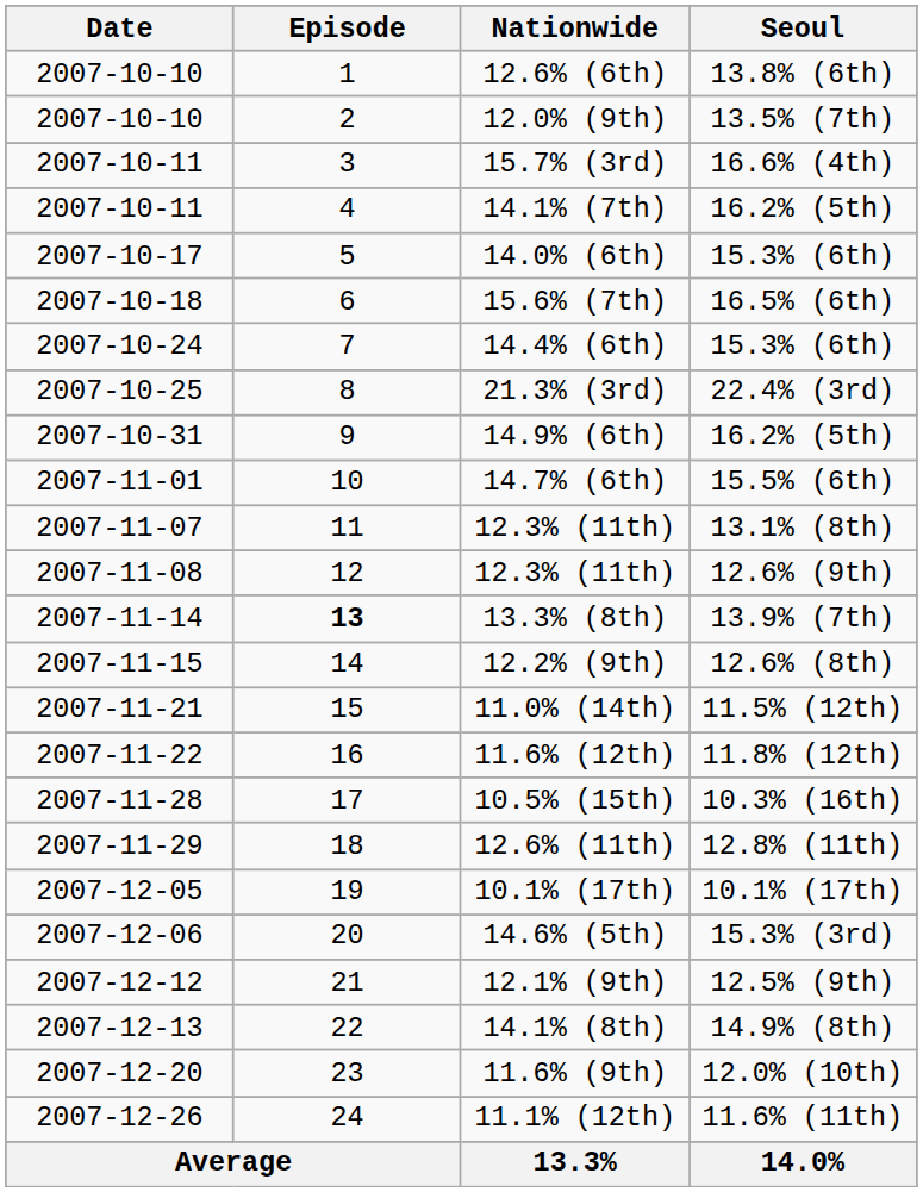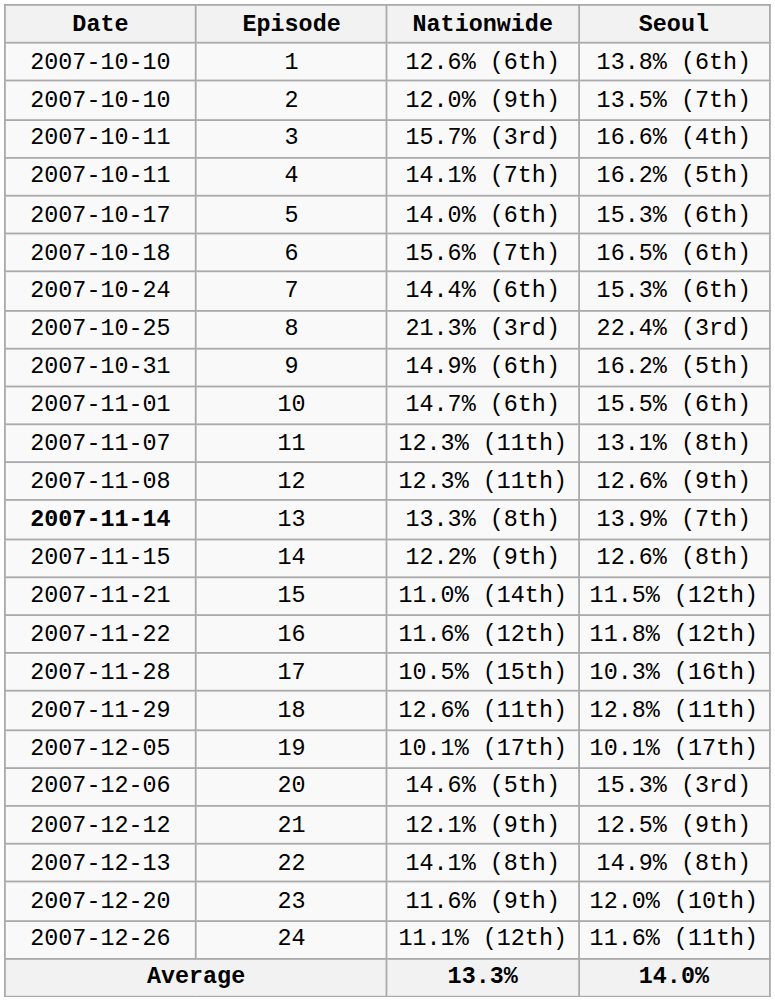 <table class="wikitable">
 <tr>
 <th width=100>Date</th>
 <th width=100>Episode</th>
 <th width=100>Nationwide</th>
 <th width=100>Seoul</th>
 </tr>
 <tr align=center>
 <td>2007-10-10</td>
 <td>1</td>
 <td>12.6% (6th)</td>
 <td>13.8% (6th)</td>
 </tr>
 <tr align=center>
 <td>2007-10-10</td>
 <td>2</td>
 <td>12.0% (9th)</td>
 <td>13.5% (7th)</td>
 </tr>
 <tr align=center>
 <td>2007-10-11</td>
 <td>3</td>
 <td>15.7% (3rd)</td>
 <td>16.6% (4th)</td>
 </tr>
 <tr align=center>
 <td>2007-10-11</td>
 <td>4</td>
 <td>14.1% (7th)</td>
 <td>16.2% (5th)</td>
 </tr>
 <tr align=center>
 <td>2007-10-17</td>
 <td>5</td>
 <td>14.0% (6th)</td>
 <td>15.3% (6th)</td>
 </tr>
 <tr align=center>
 <td>2007-10-18</td>
 <td>6</td>
 <td>15.6% (7th)</td>
 <td>16.5% (6th)</td>
 </tr>
 <tr align=center>
 <td>2007-10-24</td>
 <td>7</td>
 <td>14.4% (6th)</td>
 <td>15.3% (6th)</td>
 </tr>
 <tr align=center>
 <td>2007-10-25</td>
 <td>8</td>
 <td>21.3% (3rd)</td>
 <td>22.4% (3rd)</td>
 </tr>
 <tr align=center>
 <td>2007-10-31</td>
 <td>9</td>
 <td>14.9% (6th)</td>
 <td>16.2% (5th)</td>
 </tr>
 <tr align=center>
 <td>2007-11-01</td>
 <td>10</td>
 <td>14.7% (6th)</td>
 <td>15.5% (6th)</td>
 </tr>
 <tr align=center>
 <td>2007-11-07</td>
 <td>11</td>
 <td>12.3% (11th)</td>
 <td>13.1% (8th)</td>
 </tr>
 <tr align=center>
 <td>2007-11-08</td>
 <td>12</td>
 <td>12.3% (11th)</td>
 <td>12.6% (9th)</td>
 </tr>
 <tr align=center>
-<td>2007-11-14</td>
-<td><strong>13</strong></td>
+<td><strong>2007-11-14</strong></td>
+<td>13</td>
 <td>13.3% (8th)</td>
 <td>13.9% (7th)</td>
 </tr>
 <tr align=center>
 <td>2007-11-15</td>
 <td>14</td>
 <td>12.2% (9th)</td>
 <td>12.6% (8th)</td>
 </tr>
 <tr align=center>
 <td>2007-11-21</td>
 <td>15</td>
 <td>11.0% (14th)</td>
 <td>11.5% (12th)</td>
 </tr>
 <tr align=center>
 <td>2007-11-22</td>
 <td>16</td>
 <td>11.6% (12th)</td>
 <td>11.8% (12th)</td>
 </tr>
 <tr align=center>
 <td>2007-11-28</td>
 <td>17</td>
 <td>10.5% (15th)</td>
 <td>10.3% (16th)</td>
 </tr>
 <tr align=center>
 <td>2007-11-29</td>
 <td>18</td>
 <td>12.6% (11th)</td>
 <td>12.8% (11th)</td>
 </tr>
 <tr align=center>
 <td>2007-12-05</td>
 <td>19</td>
 <td>10.1% (17th)</td>
 <td>10.1% (17th)</td>
 </tr>
 <tr align=center>
 <td>2007-12-06</td>
 <td>20</td>
 <td>14.6% (5th)</td>
 <td>15.3% (3rd)</td>
 </tr>
 <tr align=center>
 <td>2007-12-12</td>
 <td>21</td>
 <td>12.1% (9th)</td>
 <td>12.5% (9th)</td>
 </tr>
 <tr align=center>
 <td>2007-12-13</td>
 <td>22</td>
 <td>14.1% (8th)</td>
 <td>14.9% (8th)</td>
 </tr>
 <tr align=center>
 <td>2007-12-20</td>
 <td>23</td>
 <td>11.6% (9th)</td>
 <td>12.0% (10th)</td>
 </tr>
 <tr align=center>
 <td>2007-12-26</td>
 <td>24</td>
 <td>11.1% (12th)</td>
 <td>11.6% (11th)</td>
 </tr>
 <tr align="center">
 <th colspan=2>Average</th>
 <th>13.3%</th>
 <th>14.0%</th>
 </tr>
 </table>
